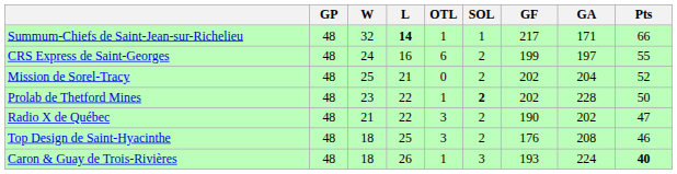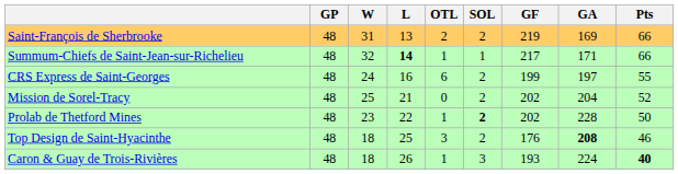 <table class="wikitable">
 <tr>
 <th width="40%" bgcolor="#e0e0e0"></th>
 <th width="5%" bgcolor="#e0e0e0">GP</th>
 <th width="5%" bgcolor="#e0e0e0">W</th>
 <th width="5%" bgcolor="#e0e0e0">L</th>
 <th width="5%" bgcolor="#e0e0e0">OTL</th>
 <th width="5%" bgcolor="#e0e0e0">SOL</th>
 <th width="7.5%" bgcolor="#e0e0e0">GF</th>
 <th width="7.5%" bgcolor="#e0e0e0">GA</th>
 <th width="7.5%" bgcolor="#e0e0e0">Pts</th>
+</tr>
+<tr align="center" bgcolor="#FFCC66">
+<td align="left"><a href='#'>Saint-François de Sherbrooke</a></td>
+<td>48</td>
+<td>31</td>
+<td>13</td>
+<td>2</td>
+<td>2</td>
+<td>219</td>
+<td>169</td>
+<td>66</td>
 </tr>
 <tr align="center" bgcolor="#bbffbb">
 <td align="left"><a href='#'>Summum-Chiefs de Saint-Jean-sur-Richelieu</a></td>
 <td>48</td>
 <td>32</td>
 <td><strong>14</strong></td>
 <td>1</td>
 <td>1</td>
 <td>217</td>
 <td>171</td>
 <td>66</td>
 </tr>
 <tr align="center" bgcolor="#bbffbb">
 <td align="left"><a href='#'>CRS Express de Saint-Georges</a></td>
 <td>48</td>
 <td>24</td>
 <td>16</td>
 <td>6</td>
 <td>2</td>
 <td>199</td>
 <td>197</td>
 <td>55</td>
 </tr>
 <tr align="center" bgcolor="#bbffbb">
 <td align="left"><a href='#'>Mission de Sorel-Tracy</a></td>
 <td>48</td>
 <td>25</td>
 <td>21</td>
 <td>0</td>
 <td>2</td>
 <td>202</td>
 <td>204</td>
 <td>52</td>
 </tr>
 <tr align="center" bgcolor="#bbffbb">
 <td align="left"><a href='#'>Prolab de Thetford Mines</a></td>
 <td>48</td>
 <td>23</td>
 <td>22</td>
 <td>1</td>
 <td><strong>2</strong></td>
 <td>202</td>
 <td>228</td>
 <td>50</td>
 </tr>
 <tr align="center" bgcolor="#bbffbb">
-<td align="left"><a href='#'>Radio X de Québec</a></td>
-<td>48</td>
-<td>21</td>
-<td>22</td>
-<td>3</td>
-<td>2</td>
-<td>190</td>
-<td>202</td>
-<td>47</td>
-</tr>
-<tr align="center" bgcolor="#bbffbb">
 <td align="left"><a href='#'>Top Design de Saint-Hyacinthe</a></td>
 <td>48</td>
 <td>18</td>
 <td>25</td>
 <td>3</td>
 <td>2</td>
 <td>176</td>
-<td>208</td>
+<td><strong>208</strong></td>
 <td>46</td>
 </tr>
 <tr align="center" bgcolor="#bbffbb">
 <td align="left"><a href='#'>Caron & Guay de Trois-Rivières</a></td>
 <td>48</td>
 <td>18</td>
 <td>26</td>
 <td>1</td>
 <td>3</td>
 <td>193</td>
 <td>224</td>
 <td><strong>40</strong></td>
 </tr>
 </table>
